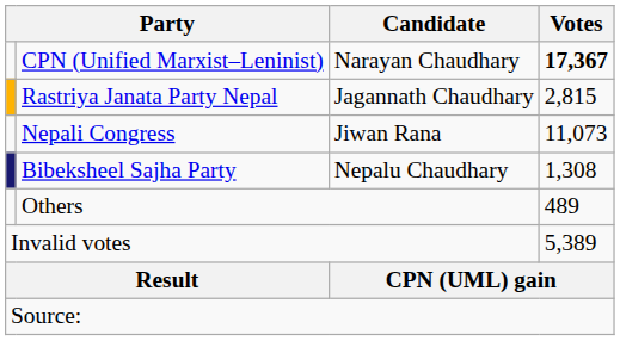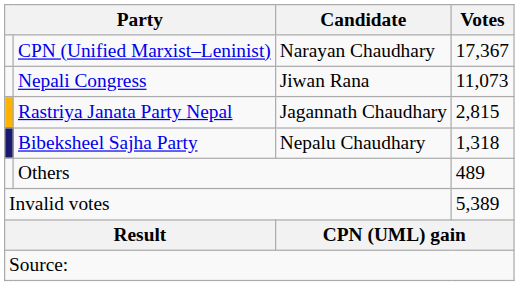 <table class="wikitable">
 <tr>
 <th colspan="2">Party</th>
 <th>Candidate</th>
 <th>Votes</th>
 </tr>
 <tr>
 <td style="background-color:"></td>
 <td><a href='#'>CPN (Unified Marxist–Leninist)</a></td>
 <td>Narayan Chaudhary</td>
-<td><strong>17,367</strong></td>
+<td>17,367</td>
+</tr>
+<tr>
+<td style="background-color:"></td>
+<td><a href='#'>Nepali Congress</a></td>
+<td>Jiwan Rana</td>
+<td>11,073</td>
 </tr>
 <tr>
 <td style="background-color:#ffb300"></td>
 <td><a href='#'>Rastriya Janata Party Nepal</a></td>
 <td>Jagannath Chaudhary</td>
 <td>2,815</td>
 </tr>
 <tr>
-<td style="background-color:"></td>
-<td><a href='#'>Nepali Congress</a></td>
-<td>Jiwan Rana</td>
-<td>11,073</td>
-</tr>
-<tr>
 <td style="background-color:midnightblue"></td>
 <td><a href='#'>Bibeksheel Sajha Party</a></td>
 <td>Nepalu Chaudhary</td>
-<td>1,308</td>
+<td>1,318</td>
 </tr>
 <tr>
 <td></td>
 <td colspan="2">Others</td>
 <td>489</td>
 </tr>
 <tr>
 <td colspan="3">Invalid votes</td>
 <td>5,389</td>
 </tr>
 <tr>
 <th colspan="2">Result</th>
 <th colspan="2">CPN (UML) gain</th>
 </tr>
 <tr>
 <td colspan="4">Source: </td>
 </tr>
 </table>
